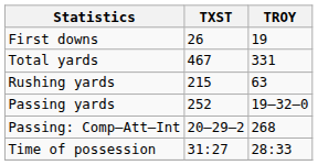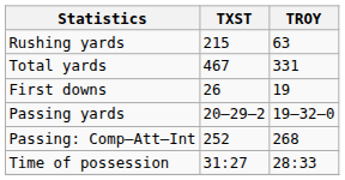 <table class="wikitable" style="float: left;">
 <tr>
 <th>Statistics</th>
 <th>TXST</th>
 <th>TROY</th>
 </tr>
 <tr>
-<td>First downs</td>
-<td>26</td>
-<td>19</td>
+<td>Rushing yards</td>
+<td>215</td>
+<td>63</td>
 </tr>
 <tr>
 <td>Total yards</td>
 <td>467</td>
 <td>331</td>
 </tr>
 <tr>
-<td>Rushing yards</td>
-<td>215</td>
-<td>63</td>
+<td>First downs</td>
+<td>26</td>
+<td>19</td>
 </tr>
 <tr>
 <td>Passing yards</td>
-<td>252</td>
+<td>20–29–2</td>
 <td>19–32–0</td>
 </tr>
 <tr>
 <td>Passing: Comp–Att–Int</td>
-<td>20–29–2</td>
+<td>252</td>
 <td>268</td>
 </tr>
 <tr>
 <td>Time of possession</td>
 <td>31:27</td>
 <td>28:33</td>
 </tr>
 <tr>
 </tr>
 </table>
